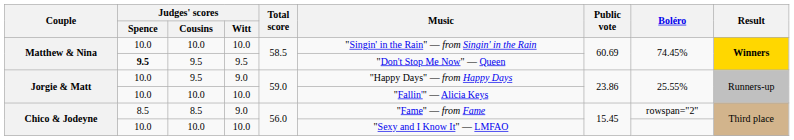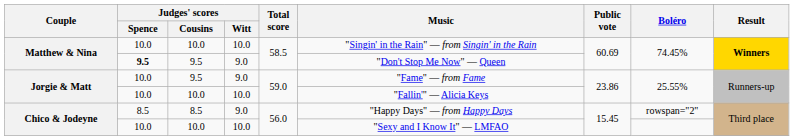 <table class="wikitable sortable" style="text-align:center; font-size:90%; width:90%">
 <tr>
 <th scope="col" rowspan=2>Couple</th>
 <th scope="col" colspan=3 class="unsortable">Judges' scores</th>
 <th scope="col" rowspan=2>Total<br>score</th>
 <th scope="col" rowspan=2 class="unsortable">Music</th>
 <th scope="col" rowspan=2>Public<br>vote</th>
 <th scope="col" rowspan=2 class="unsortable"><a href='#'>Boléro</a></th>
 <th scope="col" rowspan=2 class="unsortable">Result</th>
 </tr>
 <tr>
 <th class="unsortable">Spence</th>
 <th class="unsortable">Cousins</th>
 <th class="unsortable">Witt</th>
 </tr>
 <tr>
 <th scope="row" rowspan="2">Matthew & Nina</th>
 <td>10.0</td>
 <td>10.0</td>
 <td>10.0</td>
 <td rowspan="2">58.5</td>
 <td>"<a href='#'>Singin' in the Rain</a>" — <em>from <a href='#'>Singin' in the Rain</a></em></td>
 <td rowspan="2">60.69</td>
 <td rowspan="2">74.45%</td>
 <td rowspan=2 bgcolor="gold"><strong>Winners</strong></td>
 </tr>
 <tr>
 <td><strong>9.5</strong></td>
 <td>9.5</td>
-<td>9.5</td>
+<td>9.0</td>
 <td>"<a href='#'>Don't Stop Me Now</a>" — <a href='#'>Queen</a></td>
 </tr>
 <tr>
 <th scope="row" rowspan="2">Jorgie & Matt</th>
 <td>10.0</td>
 <td>9.5</td>
 <td>9.0</td>
 <td rowspan="2">59.0</td>
-<td>"Happy Days" — <em>from <a href='#'>Happy Days</a></em></td>
+<td>"<a href='#'>Fame</a>" — <em>from <a href='#'>Fame</a></em></td>
 <td rowspan="2">23.86</td>
 <td rowspan="2">25.55%</td>
 <td rowspan=2 bgcolor="silver">Runners-up</td>
 </tr>
 <tr>
 <td>10.0</td>
 <td>10.0</td>
 <td>10.0</td>
 <td>"<a href='#'>Fallin'</a>" — <a href='#'>Alicia Keys</a></td>
 </tr>
 <tr>
 <th scope="row" rowspan="2">Chico & Jodeyne</th>
 <td>8.5</td>
 <td>8.5</td>
 <td>9.0</td>
 <td rowspan="2">56.0</td>
-<td>"<a href='#'>Fame</a>" — <em>from <a href='#'>Fame</a></em></td>
+<td>"Happy Days" — <em>from <a href='#'>Happy Days</a></em></td>
 <td rowspan="2">15.45</td>
 <td>rowspan="2" </td>
 <td rowspan=2 bgcolor="tan">Third place</td>
 </tr>
 <tr>
 <td>10.0</td>
 <td>10.0</td>
 <td>10.0</td>
 <td>"<a href='#'>Sexy and I Know It</a>" — <a href='#'>LMFAO</a></td>
 </tr>
 </table>
